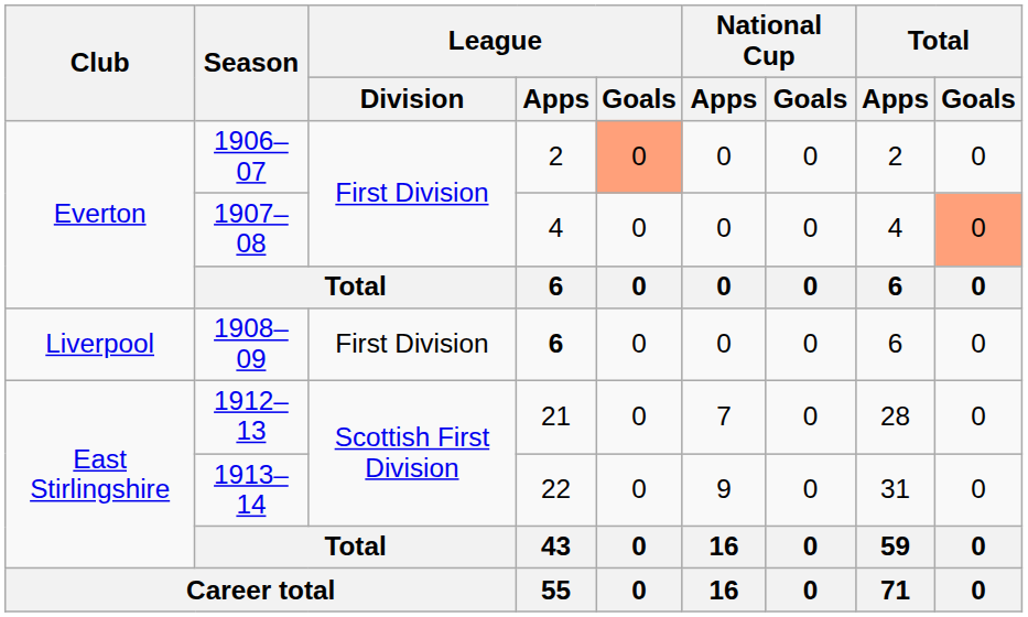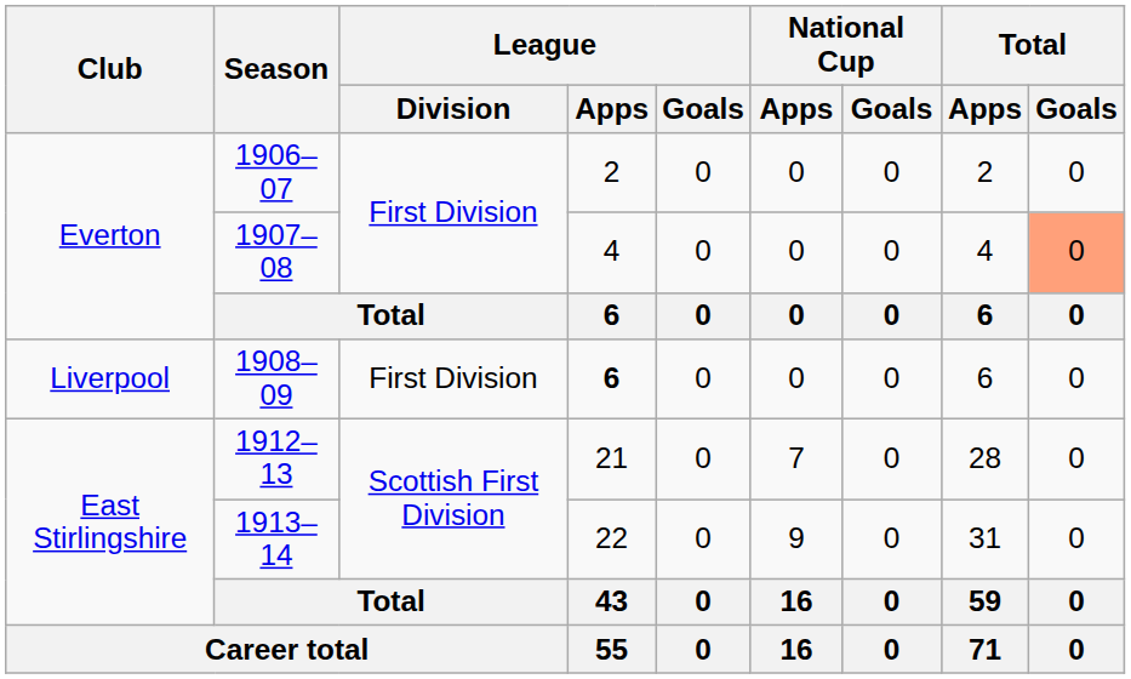 <table class="wikitable" style="text-align: center;">
 <tr>
 <th rowspan="2">Club</th>
 <th rowspan="2">Season</th>
 <th colspan="3">League</th>
 <th colspan="2">National Cup</th>
 <th colspan="2">Total</th>
 </tr>
 <tr>
 <th>Division</th>
 <th>Apps</th>
 <th>Goals</th>
 <th>Apps</th>
 <th>Goals</th>
 <th>Apps</th>
 <th>Goals</th>
 </tr>
 <tr>
 <td rowspan="3"><a href='#'>Everton</a></td>
 <td><a href='#'>1906–07</a></td>
 <td rowspan="2"><a href='#'>First Division</a></td>
 <td>2</td>
-<td style="background: lightsalmon;">0</td>
+<td>0</td>
 <td>0</td>
 <td>0</td>
 <td>2</td>
 <td>0</td>
 </tr>
 <tr>
 <td><a href='#'>1907–08</a></td>
 <td>4</td>
 <td>0</td>
 <td>0</td>
 <td>0</td>
 <td>4</td>
 <td style="background: lightsalmon;">0</td>
 </tr>
 <tr>
 <th colspan="2">Total</th>
 <th>6</th>
 <th>0</th>
 <th>0</th>
 <th>0</th>
 <th>6</th>
 <th>0</th>
 </tr>
 <tr>
 <td><a href='#'>Liverpool</a></td>
 <td><a href='#'>1908–09</a></td>
 <td>First Division</td>
 <td><strong>6</strong></td>
 <td>0</td>
 <td>0</td>
 <td>0</td>
 <td>6</td>
 <td>0</td>
 </tr>
 <tr>
 <td rowspan="3"><a href='#'>East Stirlingshire</a></td>
 <td><a href='#'>1912–13</a></td>
 <td rowspan="2"><a href='#'>Scottish First Division</a></td>
 <td>21</td>
 <td>0</td>
 <td>7</td>
 <td>0</td>
 <td>28</td>
 <td>0</td>
 </tr>
 <tr>
 <td><a href='#'>1913–14</a></td>
 <td>22</td>
 <td>0</td>
 <td>9</td>
 <td>0</td>
 <td>31</td>
 <td>0</td>
 </tr>
 <tr>
 <th colspan="2">Total</th>
 <th>43</th>
 <th>0</th>
 <th>16</th>
 <th>0</th>
 <th>59</th>
 <th>0</th>
 </tr>
 <tr>
 <th colspan="3">Career total</th>
 <th>55</th>
 <th>0</th>
 <th>16</th>
 <th>0</th>
 <th>71</th>
 <th>0</th>
 </tr>
 </table>
